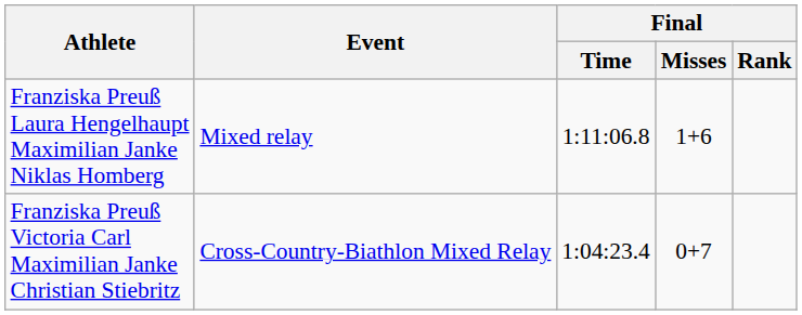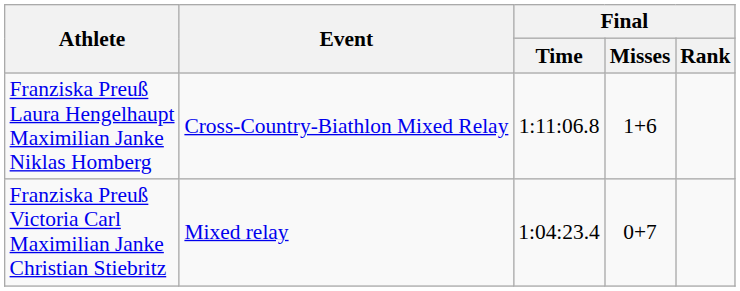 <table class="wikitable">
 <tr>
 <th rowspan="2">Athlete</th>
 <th rowspan="2">Event</th>
 <th colspan="3">Final</th>
 </tr>
 <tr>
 <th>Time</th>
 <th>Misses</th>
 <th>Rank</th>
 </tr>
 <tr>
 <td><a href='#'>Franziska Preuß</a><br><a href='#'>Laura Hengelhaupt</a><br><a href='#'>Maximilian Janke</a><br><a href='#'>Niklas Homberg</a></td>
-<td><a href='#'>Mixed relay</a></td>
+<td><a href='#'>Cross-Country-Biathlon Mixed Relay</a></td>
 <td align="center">1:11:06.8</td>
 <td align="center">1+6</td>
 <td align="center"></td>
 </tr>
 <tr>
 <td><a href='#'>Franziska Preuß</a><br><a href='#'>Victoria Carl</a><br><a href='#'>Maximilian Janke</a><br><a href='#'>Christian Stiebritz</a></td>
-<td><a href='#'>Cross-Country-Biathlon Mixed Relay</a></td>
+<td><a href='#'>Mixed relay</a></td>
 <td align="center">1:04:23.4</td>
 <td align="center">0+7</td>
 <td align="center"></td>
 </tr>
 </table>
